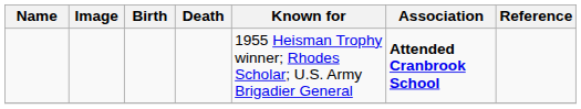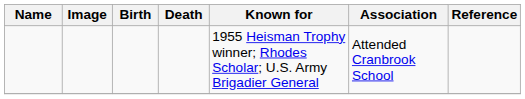 <table class="wikitable sortable">
 <tr>
 <th scope="col" width="140">Name</th>
 <th scope="col" width="80" class="unsortable">Image</th>
 <th scope="col" width="90">Birth</th>
 <th scope="col" width="90">Death</th>
 <th scope="col" width="600" class="unsortable">Known for</th>
 <th scope="col" width="200" class="unsortable">Association</th>
 <th scope="col" width="30" class="unsortable">Reference</th>
 </tr>
 <tr>
 <td></td>
 <td></td>
 <td align=right></td>
 <td align=right></td>
 <td>1955 <a href='#'>Heisman Trophy</a> winner; <a href='#'>Rhodes Scholar</a>; U.S. Army <a href='#'>Brigadier General</a></td>
-<td><strong>Attended <a href='#'>Cranbrook School</a></strong></td>
+<td>Attended <a href='#'>Cranbrook School</a></td>
 <td align="center"></td>
 </tr>
 <tr>
 </tr>
 </table>
